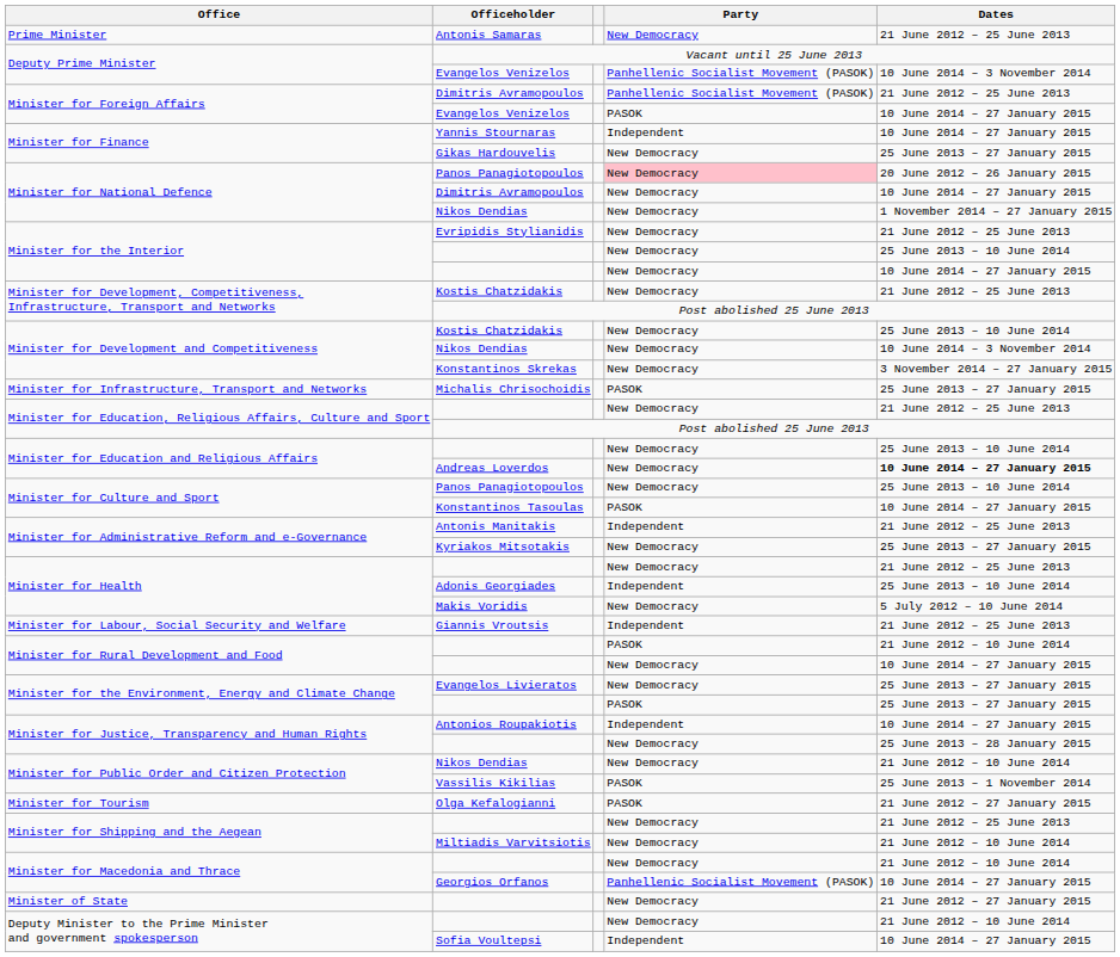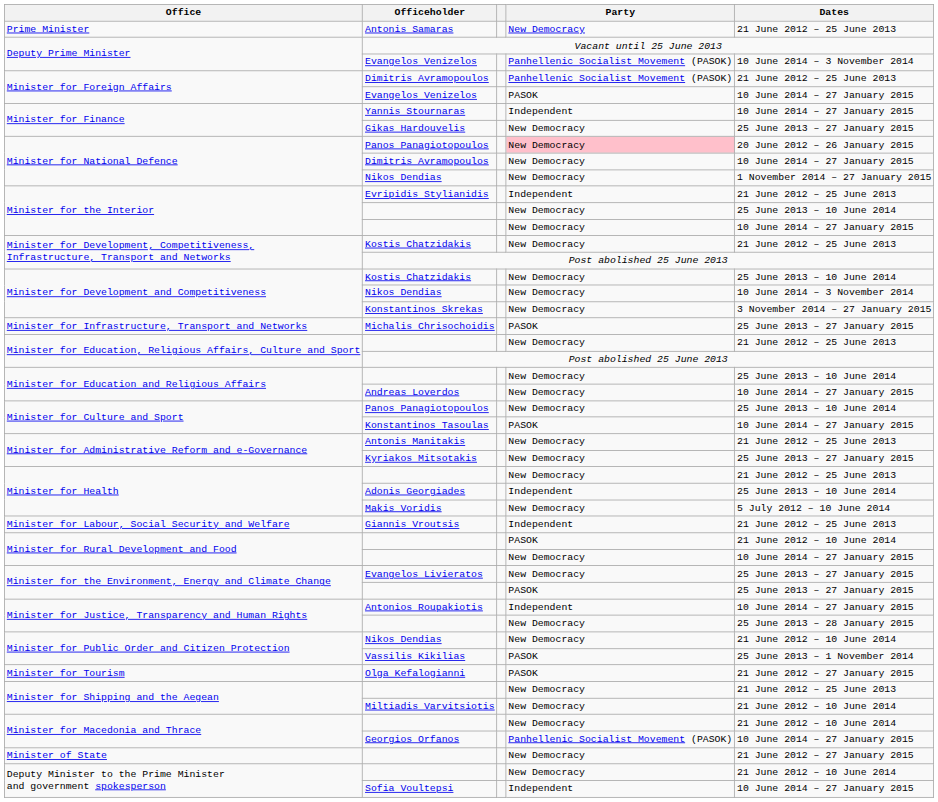 <table class="wikitable" style="font-size: 90%">
 <tr>
 <th>Office</th>
 <th>Officeholder</th>
 <th></th>
 <th>Party</th>
 <th>Dates</th>
 </tr>
 <tr>
 <td><a href='#'>Prime Minister</a></td>
 <td><a href='#'>Antonis Samaras</a></td>
 <td width=5px style="background-color: "></td>
 <td><a href='#'>New Democracy</a></td>
 <td>21 June 2012 – 25 June 2013</td>
 </tr>
 <tr>
 <td rowspan=2><a href='#'>Deputy Prime Minister</a></td>
 <td colspan=4 style="text-align: center;"><em>Vacant until 25 June 2013</em></td>
 </tr>
 <tr>
 <td><a href='#'>Evangelos Venizelos</a></td>
 <td width=5px style="background-color: "></td>
 <td><a href='#'>Panhellenic Socialist Movement</a> (PASOK)</td>
 <td>10 June 2014 – 3 November 2014</td>
 </tr>
 <tr>
 <td rowspan=2><a href='#'>Minister for Foreign Affairs</a></td>
 <td><a href='#'>Dimitris Avramopoulos</a></td>
 <td width=5px style="background-color: "></td>
 <td><a href='#'>Panhellenic Socialist Movement</a> (PASOK)</td>
 <td>21 June 2012 – 25 June 2013</td>
 </tr>
 <tr>
 <td><a href='#'>Evangelos Venizelos</a></td>
 <td width=5px style="background-color: "></td>
 <td>PASOK</td>
 <td>10 June 2014 – 27 January 2015</td>
 </tr>
 <tr>
 <td rowspan=2><a href='#'>Minister for Finance</a></td>
 <td><a href='#'>Yannis Stournaras</a></td>
 <td width=5px style="background-color: "></td>
 <td>Independent</td>
 <td>10 June 2014 – 27 January 2015</td>
 </tr>
 <tr>
 <td><a href='#'>Gikas Hardouvelis</a></td>
 <td width=5px style="background-color: "></td>
 <td>New Democracy</td>
 <td>25 June 2013 – 27 January 2015</td>
 </tr>
 <tr>
 <td rowspan=3><a href='#'>Minister for National Defence</a></td>
 <td><a href='#'>Panos Panagiotopoulos</a></td>
 <td width=5px style="background-color: "></td>
 <td style="background: pink;">New Democracy</td>
 <td>20 June 2012 – 26 January 2015</td>
 </tr>
 <tr>
 <td><a href='#'>Dimitris Avramopoulos</a></td>
 <td width=5px style="background-color: "></td>
 <td>New Democracy</td>
 <td>10 June 2014 – 27 January 2015</td>
 </tr>
 <tr>
 <td><a href='#'>Nikos Dendias</a></td>
 <td width=5px style="background-color: "></td>
 <td>New Democracy</td>
 <td>1 November 2014 – 27 January 2015</td>
 </tr>
 <tr>
 <td rowspan=3><a href='#'>Minister for the Interior</a></td>
 <td><a href='#'>Evripidis Stylianidis</a></td>
 <td width=5px style="background-color: "></td>
-<td>New Democracy</td>
+<td>Independent</td>
 <td>21 June 2012 – 25 June 2013</td>
 </tr>
 <tr>
 <td></td>
 <td width=5px style="background-color: "></td>
 <td>New Democracy</td>
 <td>25 June 2013 – 10 June 2014</td>
 </tr>
 <tr>
 <td></td>
 <td width=5px style="background-color: "></td>
 <td>New Democracy</td>
 <td>10 June 2014 – 27 January 2015</td>
 </tr>
 <tr>
 <td rowspan=2><a href='#'>Minister for Development, Competitiveness,<br>Infrastructure, Transport and Networks</a></td>
 <td><a href='#'>Kostis Chatzidakis</a></td>
 <td width=5px style="background-color: "></td>
 <td>New Democracy</td>
 <td>21 June 2012 – 25 June 2013</td>
 </tr>
 <tr>
 <td colspan=4 style="text-align: center;"><em>Post abolished 25 June 2013</em></td>
 </tr>
 <tr>
 <td rowspan=3><a href='#'>Minister for Development and Competitiveness</a></td>
 <td><a href='#'>Kostis Chatzidakis</a></td>
 <td width=5px style="background-color: "></td>
 <td>New Democracy</td>
 <td>25 June 2013 – 10 June 2014</td>
 </tr>
 <tr>
 <td><a href='#'>Nikos Dendias</a></td>
 <td width=5px style="background-color: "></td>
 <td>New Democracy</td>
 <td>10 June 2014 – 3 November 2014</td>
 </tr>
 <tr>
 <td><a href='#'>Konstantinos Skrekas</a></td>
 <td width=5px style="background-color: "></td>
 <td>New Democracy</td>
 <td>3 November 2014 – 27 January 2015</td>
 </tr>
 <tr>
 <td><a href='#'>Minister for Infrastructure, Transport and Networks</a></td>
 <td><a href='#'>Michalis Chrisochoidis</a></td>
 <td width=5px style="background-color: "></td>
 <td>PASOK</td>
 <td>25 June 2013 – 27 January 2015</td>
 </tr>
 <tr>
 <td rowspan=2><a href='#'>Minister for Education, Religious Affairs, Culture and Sport</a></td>
 <td></td>
 <td width=5px style="background-color: "></td>
 <td>New Democracy</td>
 <td>21 June 2012 – 25 June 2013</td>
 </tr>
 <tr>
 <td colspan=4 style="text-align: center;"><em>Post abolished 25 June 2013</em></td>
 </tr>
 <tr>
 <td rowspan=2><a href='#'>Minister for Education and Religious Affairs</a></td>
 <td></td>
 <td width=5px style="background-color: "></td>
 <td>New Democracy</td>
 <td>25 June 2013 – 10 June 2014</td>
 </tr>
 <tr>
 <td><a href='#'>Andreas Loverdos</a></td>
 <td width=5px style="background-color: "></td>
 <td>New Democracy</td>
-<td><strong>10 June 2014 – 27 January 2015</strong></td>
+<td>10 June 2014 – 27 January 2015</td>
 </tr>
 <tr>
 <td rowspan=2><a href='#'>Minister for Culture and Sport</a></td>
 <td><a href='#'>Panos Panagiotopoulos</a></td>
 <td width=5px style="background-color: "></td>
 <td>New Democracy</td>
 <td>25 June 2013 – 10 June 2014</td>
 </tr>
 <tr>
 <td><a href='#'>Konstantinos Tasoulas</a></td>
 <td width=5px style="background-color: "></td>
 <td>PASOK</td>
 <td>10 June 2014 – 27 January 2015</td>
 </tr>
 <tr>
 <td rowspan=2><a href='#'>Minister for Administrative Reform and e-Governance</a></td>
 <td><a href='#'>Antonis Manitakis</a></td>
 <td width=5px style="background-color: "></td>
-<td>Independent</td>
+<td>New Democracy</td>
 <td>21 June 2012 – 25 June 2013</td>
 </tr>
 <tr>
 <td><a href='#'>Kyriakos Mitsotakis</a></td>
 <td width=5px style="background-color: "></td>
 <td>New Democracy</td>
 <td>25 June 2013 – 27 January 2015</td>
 </tr>
 <tr>
 <td rowspan=3><a href='#'>Minister for Health</a></td>
 <td></td>
 <td width=5px style="background-color: "></td>
 <td>New Democracy</td>
 <td>21 June 2012 – 25 June 2013</td>
 </tr>
 <tr>
 <td><a href='#'>Adonis Georgiades</a></td>
 <td width=5px style="background-color: "></td>
 <td>Independent</td>
 <td>25 June 2013 – 10 June 2014</td>
 </tr>
 <tr>
 <td><a href='#'>Makis Voridis</a></td>
 <td width=5px style="background-color: "></td>
 <td>New Democracy</td>
 <td>5 July 2012 – 10 June 2014</td>
 </tr>
 <tr>
 <td><a href='#'>Minister for Labour, Social Security and Welfare</a></td>
 <td><a href='#'>Giannis Vroutsis</a></td>
 <td width=5px style="background-color: "></td>
 <td>Independent</td>
 <td>21 June 2012 – 25 June 2013</td>
 </tr>
 <tr>
 <td rowspan=2><a href='#'>Minister for Rural Development and Food</a></td>
 <td></td>
 <td width=5px style="background-color: "></td>
 <td>PASOK</td>
 <td>21 June 2012 – 10 June 2014</td>
 </tr>
 <tr>
 <td></td>
 <td width=5px style="background-color: "></td>
 <td>New Democracy</td>
 <td>10 June 2014 – 27 January 2015</td>
 </tr>
 <tr>
 <td rowspan=2><a href='#'>Minister for the Environment, Energy and Climate Change</a></td>
 <td><a href='#'>Evangelos Livieratos</a></td>
 <td width=5px style="background-color: "></td>
 <td>New Democracy</td>
 <td>25 June 2013 – 27 January 2015</td>
 </tr>
 <tr>
 <td></td>
 <td width=5px style="background-color: "></td>
 <td>PASOK</td>
 <td>25 June 2013 – 27 January 2015</td>
 </tr>
 <tr>
 <td rowspan=2><a href='#'>Minister for Justice, Transparency and Human Rights</a></td>
 <td><a href='#'>Antonios Roupakiotis</a></td>
 <td width=5px style="background-color: "></td>
 <td>Independent</td>
 <td>10 June 2014 – 27 January 2015</td>
 </tr>
 <tr>
 <td></td>
 <td width=5px style="background-color: "></td>
 <td>New Democracy</td>
 <td>25 June 2013 – 28 January 2015</td>
 </tr>
 <tr>
 <td rowspan=2><a href='#'>Minister for Public Order and Citizen Protection</a></td>
 <td><a href='#'>Nikos Dendias</a></td>
 <td width=5px style="background-color: "></td>
 <td>New Democracy</td>
 <td>21 June 2012 – 10 June 2014</td>
 </tr>
 <tr>
 <td><a href='#'>Vassilis Kikilias</a></td>
 <td width=5px style="background-color: "></td>
 <td>PASOK</td>
 <td>25 June 2013 – 1 November 2014</td>
 </tr>
 <tr>
 <td><a href='#'>Minister for Tourism</a></td>
 <td><a href='#'>Olga Kefalogianni</a></td>
 <td width=5px style="background-color: "></td>
 <td>PASOK</td>
 <td>21 June 2012 – 27 January 2015</td>
 </tr>
 <tr>
 <td rowspan=2><a href='#'>Minister for Shipping and the Aegean</a></td>
 <td></td>
 <td width=5px style="background-color: "></td>
 <td>New Democracy</td>
 <td>21 June 2012 – 25 June 2013</td>
 </tr>
 <tr>
 <td><a href='#'>Miltiadis Varvitsiotis</a></td>
 <td width=5px style="background-color: "></td>
 <td>New Democracy</td>
 <td>21 June 2012 – 10 June 2014</td>
 </tr>
 <tr>
 <td rowspan=2><a href='#'>Minister for Macedonia and Thrace</a></td>
 <td></td>
 <td width=5px style="background-color: "></td>
 <td>New Democracy</td>
 <td>21 June 2012 – 10 June 2014</td>
 </tr>
 <tr>
 <td><a href='#'>Georgios Orfanos</a></td>
 <td width=5px style="background-color: "></td>
 <td><a href='#'>Panhellenic Socialist Movement</a> (PASOK)</td>
 <td>10 June 2014 – 27 January 2015</td>
 </tr>
 <tr>
 <td><a href='#'>Minister of State</a></td>
 <td></td>
 <td width=5px style="background-color: "></td>
 <td>New Democracy</td>
 <td>21 June 2012 – 27 January 2015</td>
 </tr>
 <tr>
 <td rowspan=2>Deputy Minister to the Prime Minister<br>and government <a href='#'>spokesperson</a></td>
 <td></td>
 <td width=5px style="background-color: "></td>
 <td>New Democracy</td>
 <td>21 June 2012 – 10 June 2014</td>
 </tr>
 <tr>
 <td><a href='#'>Sofia Voultepsi</a></td>
 <td width=5px style="background-color: "></td>
 <td>Independent</td>
 <td>10 June 2014 – 27 January 2015</td>
 </tr>
 </table>
